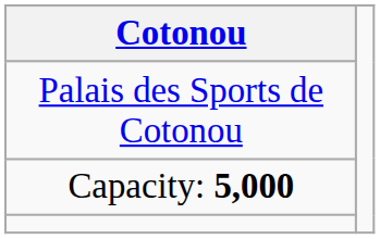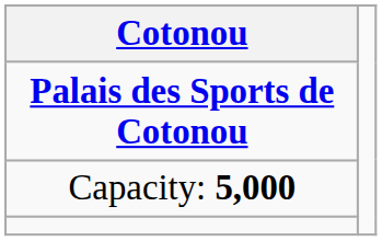 <table class="wikitable" style="text-align:center" align=center>
 <tr>
 <th><a href='#'>Cotonou</a></th>
 <td rowspan=6></td>
 </tr>
 <tr>
-<td width=150px><a href='#'>Palais des Sports de Cotonou</a></td>
+<td width=150px><strong><a href='#'>Palais des Sports de Cotonou</a></strong></td>
 </tr>
 <tr>
 <td>Capacity: <strong>5,000</strong></td>
 </tr>
 <tr>
 <td></td>
 </tr>
 </table>
